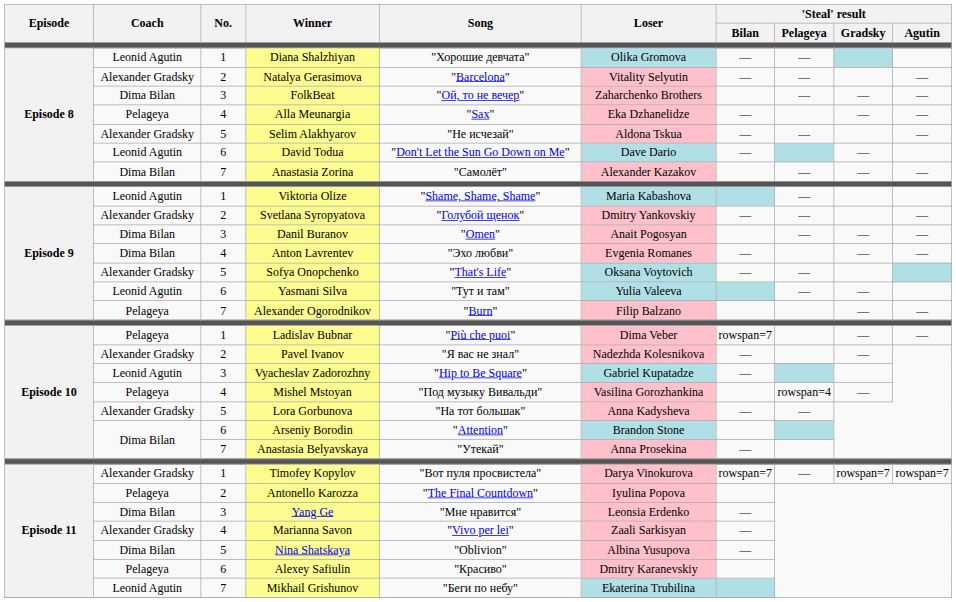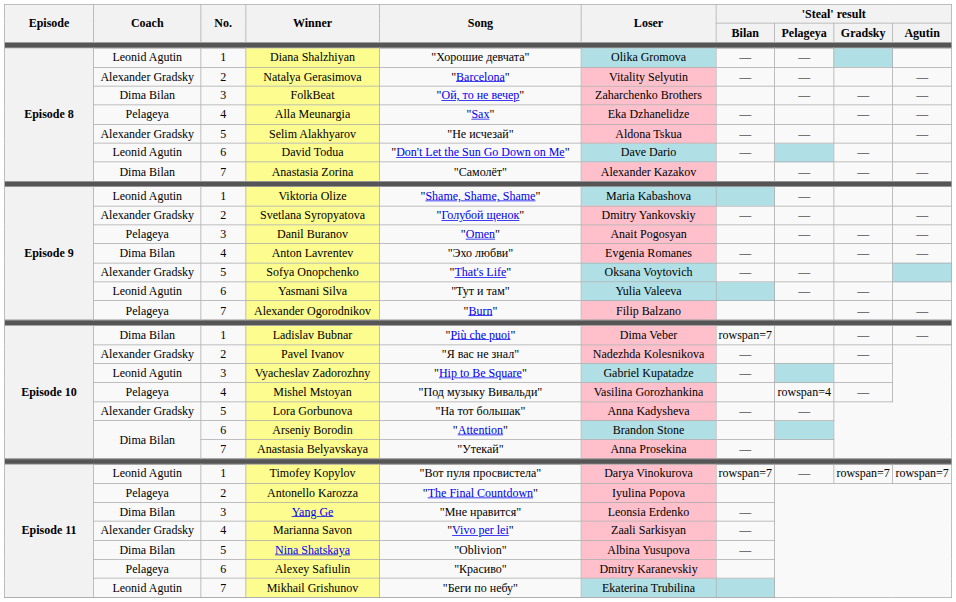 <table class="wikitable" style="text-align: center; width:100%;">
 <tr>
 <th rowspan="2" style="width:10%;">Episode</th>
 <th rowspan="2" style="width:12%;">Coach</th>
 <th rowspan="2" style="width:05%;">No.</th>
 <th rowspan="2" style="width:15%;">Winner</th>
 <th rowspan="2" style="width:23%;">Song</th>
 <th rowspan="2" style="width:15%;">Loser</th>
 <th colspan="4" style="width:20%;">'Steal' result</th>
 </tr>
 <tr>
 <th style="width:05%;">Bilan</th>
 <th style="width:05%;">Pelageya</th>
 <th style="width:05%;">Gradsky</th>
 <th style="width:05%;">Agutin</th>
 </tr>
 <tr>
 <td colspan="10" style="background:#555;"></td>
 </tr>
 <tr>
 <th rowspan="7">Episode 8<br><small></small></th>
 <td>Leonid Agutin</td>
 <td>1</td>
 <td style="background:#fdfc8f;">Diana Shalzhiyan</td>
 <td>"Хорошие девчата"</td>
 <td style="background:#B0E0E6;">Olika Gromova</td>
 <td>—</td>
 <td>—</td>
 <td style="background:#B0E0E6;"><strong></strong></td>
 <td></td>
 </tr>
 <tr>
 <td>Alexander Gradsky</td>
 <td>2</td>
 <td style="background:#fdfc8f;">Natalya Gerasimova</td>
 <td>"<a href='#'>Barcelona</a>"</td>
 <td style="background:pink;">Vitality Selyutin</td>
 <td>—</td>
 <td>—</td>
 <td></td>
 <td>—</td>
 </tr>
 <tr>
 <td>Dima Bilan</td>
 <td>3</td>
 <td style="background:#fdfc8f;">FolkBeat</td>
 <td>"<a href='#'>Ой, то не вечер</a>"</td>
 <td style="background:pink;">Zaharchenko Brothers</td>
 <td></td>
 <td>—</td>
 <td>—</td>
 <td>—</td>
 </tr>
 <tr>
 <td>Pelageya</td>
 <td>4</td>
 <td style="background:#fdfc8f;">Alla Meunargia</td>
 <td>"<a href='#'>Sax</a>"</td>
 <td style="background:pink;">Eka Dzhanelidze</td>
 <td>—</td>
 <td></td>
 <td>—</td>
 <td>—</td>
 </tr>
 <tr>
 <td>Alexander Gradsky</td>
 <td>5</td>
 <td style="background:#fdfc8f;">Selim Alakhyarov</td>
 <td>"Не исчезай"</td>
 <td style="background:pink;">Aldona Tskua</td>
 <td>—</td>
 <td>—</td>
 <td></td>
 <td>—</td>
 </tr>
 <tr>
 <td>Leonid Agutin</td>
 <td>6</td>
 <td style="background:#fdfc8f;">David Todua</td>
 <td>"<a href='#'>Don't Let the Sun Go Down on Me</a>"</td>
 <td style="background:#B0E0E6;">Dave Dario</td>
 <td>—</td>
 <td style="background:#B0E0E6;"><strong></strong></td>
 <td>—</td>
 <td></td>
 </tr>
 <tr>
 <td>Dima Bilan</td>
 <td>7</td>
 <td style="background:#fdfc8f;">Anastasia Zorina</td>
 <td>"Самолёт"</td>
 <td style="background:pink;">Alexander Kazakov</td>
 <td></td>
 <td>—</td>
 <td>—</td>
 <td>—</td>
 </tr>
 <tr>
 <td colspan="10" style="background:#555;"></td>
 </tr>
 <tr>
 <th rowspan="7">Episode 9<br><small></small></th>
 <td>Leonid Agutin</td>
 <td>1</td>
 <td style="background:#fdfc8f;">Viktoria Olize</td>
 <td>"<a href='#'>Shame, Shame, Shame</a>"</td>
 <td style="background:#B0E0E6;">Maria Kabashova</td>
 <td style="background:#B0E0E6;"><strong></strong></td>
 <td>—</td>
 <td><strong></strong></td>
 <td></td>
 </tr>
 <tr>
 <td>Alexander Gradsky</td>
 <td>2</td>
 <td style="background:#fdfc8f;">Svetlana Syropyatova</td>
 <td>"<a href='#'>Голубой щенок</a>"</td>
 <td style="background:pink;">Dmitry Yankovskiy</td>
 <td>—</td>
 <td>—</td>
 <td></td>
 <td>—</td>
 </tr>
 <tr>
-<td>Dima Bilan</td>
+<td>Pelageya</td>
 <td>3</td>
 <td style="background:#fdfc8f;">Danil Buranov</td>
 <td>"<a href='#'>Omen</a>"</td>
 <td style="background:pink;">Anait Pogosyan</td>
 <td></td>
 <td>—</td>
 <td>—</td>
 <td>—</td>
 </tr>
 <tr>
 <td>Dima Bilan</td>
 <td>4</td>
 <td style="background:#fdfc8f;">Anton Lavrentev</td>
 <td>"Эхо любви"</td>
 <td style="background:pink;">Evgenia Romanes</td>
 <td>—</td>
 <td></td>
 <td>—</td>
 <td>—</td>
 </tr>
 <tr>
 <td>Alexander Gradsky</td>
 <td>5</td>
 <td style="background:#fdfc8f;">Sofya Onopchenko</td>
 <td>"<a href='#'>That's Life</a>"</td>
 <td style="background:#B0E0E6;">Oksana Voytovich</td>
 <td>—</td>
 <td>—</td>
 <td></td>
 <td style="background:#B0E0E6;"><strong></strong></td>
 </tr>
 <tr>
 <td>Leonid Agutin</td>
 <td>6</td>
 <td style="background:#fdfc8f;">Yasmani Silva</td>
 <td>"Тут и там"</td>
 <td style="background:#B0E0E6;">Yulia Valeeva</td>
 <td style="background:#B0E0E6;"><strong></strong></td>
 <td>—</td>
 <td>—</td>
 <td></td>
 </tr>
 <tr>
 <td>Pelageya</td>
 <td>7</td>
 <td style="background:#fdfc8f;">Alexander Ogorodnikov</td>
 <td>"<a href='#'>Burn</a>"</td>
 <td style="background:pink;">Filip Balzano</td>
 <td></td>
 <td></td>
 <td>—</td>
 <td>—</td>
 </tr>
 <tr>
 <td colspan="10" style="background:#555;"></td>
 </tr>
 <tr>
 <th rowspan="7">Episode 10<br><small></small></th>
-<td>Pelageya</td>
+<td>Dima Bilan</td>
 <td>1</td>
 <td style="background:#fdfc8f;">Ladislav Bubnar</td>
 <td>"<a href='#'>Più che puoi</a>"</td>
 <td style="background:pink;">Dima Veber</td>
 <td>rowspan=7 </td>
 <td></td>
 <td>—</td>
 <td>—</td>
 </tr>
 <tr>
 <td>Alexander Gradsky</td>
 <td>2</td>
 <td style="background:#fdfc8f;">Pavel Ivanov</td>
 <td>"Я вас не знал"</td>
 <td style="background:pink;">Nadezhda Kolesnikova</td>
 <td>—</td>
 <td></td>
 <td>—</td>
 </tr>
 <tr>
 <td>Leonid Agutin</td>
 <td>3</td>
 <td style="background:#fdfc8f;">Vyacheslav Zadorozhny</td>
 <td>"<a href='#'>Hip to Be Square</a>"</td>
 <td style="background:#B0E0E6;">Gabriel Kupatadze</td>
 <td>—</td>
 <td style="background:#B0E0E6;"><strong></strong></td>
 <td></td>
 </tr>
 <tr>
 <td>Pelageya</td>
 <td>4</td>
 <td style="background:#fdfc8f;">Mishel Mstoyan</td>
 <td>"Под музыку Вивальди"</td>
 <td style="background:pink;">Vasilina Gorozhankina</td>
 <td></td>
 <td>rowspan=4 </td>
 <td>—</td>
 </tr>
 <tr>
 <td>Alexander Gradsky</td>
 <td>5</td>
 <td style="background:#fdfc8f;">Lora Gorbunova</td>
 <td>"На тот большак"</td>
 <td style="background:pink;">Anna Kadysheva</td>
 <td>—</td>
 <td>—</td>
 </tr>
 <tr>
 <td rowspan=2>Dima Bilan</td>
 <td>6</td>
 <td style="background:#fdfc8f;">Arseniy Borodin</td>
 <td>"<a href='#'>Attention</a>"</td>
 <td style="background:#B0E0E6;">Brandon Stone</td>
 <td><strong></strong></td>
 <td style="background:#B0E0E6;"><strong></strong></td>
 </tr>
 <tr>
 <td>7</td>
 <td style="background:#fdfc8f;">Anastasia Belyavskaya</td>
 <td>"Утекай"</td>
 <td style="background:pink;">Anna Prosekina</td>
 <td>—</td>
 <td></td>
 </tr>
 <tr>
 <td colspan="10" style="background:#555;"></td>
 </tr>
 <tr>
 <th rowspan="7">Episode 11<br><small></small></th>
-<td>Alexander Gradsky</td>
+<td>Leonid Agutin</td>
 <td>1</td>
 <td style="background:#fdfc8f;">Timofey Kopylov</td>
 <td>"Вот пуля просвистела"</td>
 <td style="background:pink;">Darya Vinokurova</td>
 <td>rowspan=7 </td>
 <td>—</td>
 <td>rowspan=7 </td>
 <td>rowspan=7 </td>
 </tr>
 <tr>
 <td>Pelageya</td>
 <td>2</td>
 <td style="background:#fdfc8f;">Antonello Karozza</td>
 <td>"<a href='#'>The Final Countdown</a>"</td>
 <td style="background:pink;">Iyulina Popova</td>
 <td></td>
 </tr>
 <tr>
 <td>Dima Bilan</td>
 <td>3</td>
 <td style="background:#fdfc8f;"><a href='#'>Yang Ge</a></td>
 <td>"Мне нравится"</td>
 <td style="background:pink;">Leonsia Erdenko</td>
 <td>—</td>
 </tr>
 <tr>
 <td>Alexander Gradsky</td>
 <td>4</td>
 <td style="background:#fdfc8f;">Marianna Savon</td>
 <td>"<a href='#'>Vivo per lei</a>"</td>
 <td style="background:pink;">Zaali Sarkisyan</td>
 <td>—</td>
 </tr>
 <tr>
 <td>Dima Bilan</td>
 <td>5</td>
 <td style="background:#fdfc8f;"><a href='#'>Nina Shatskaya</a></td>
 <td>"Oblivion"</td>
 <td style="background:pink;">Albina Yusupova</td>
 <td>—</td>
 </tr>
 <tr>
 <td>Pelageya</td>
 <td>6</td>
 <td style="background:#fdfc8f;">Alexey Safiulin</td>
 <td>"Красиво"</td>
 <td style="background:pink;">Dmitry Karanevskiy</td>
 <td></td>
 </tr>
 <tr>
 <td>Leonid Agutin</td>
 <td>7</td>
 <td style="background:#fdfc8f;">Mikhail Grishunov</td>
 <td>"Беги по небу"</td>
 <td style="background:#B0E0E6;">Ekaterina Trubilina</td>
 <td style="background:#B0E0E6;"><strong></strong></td>
 </tr>
 <tr>
 </tr>
 </table>
